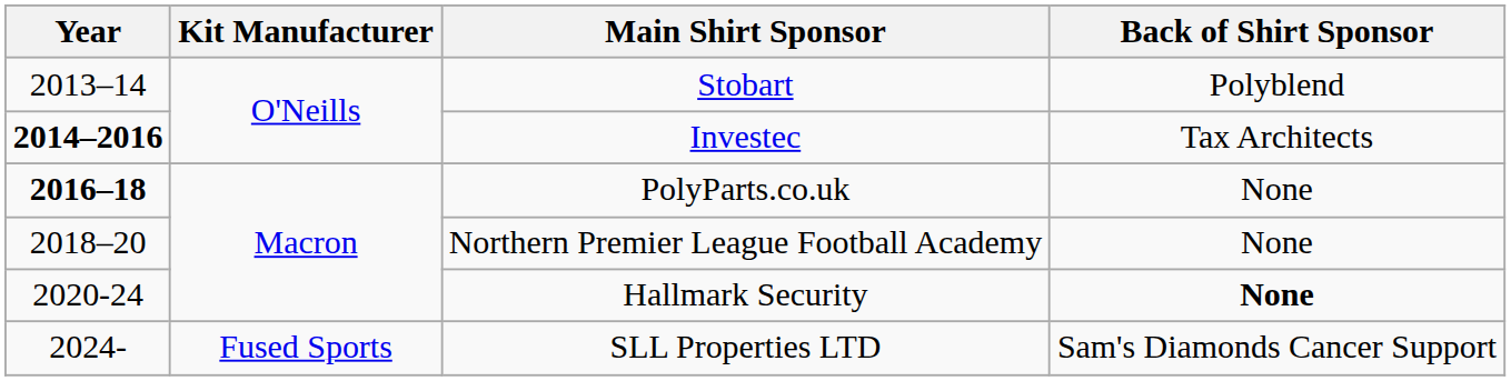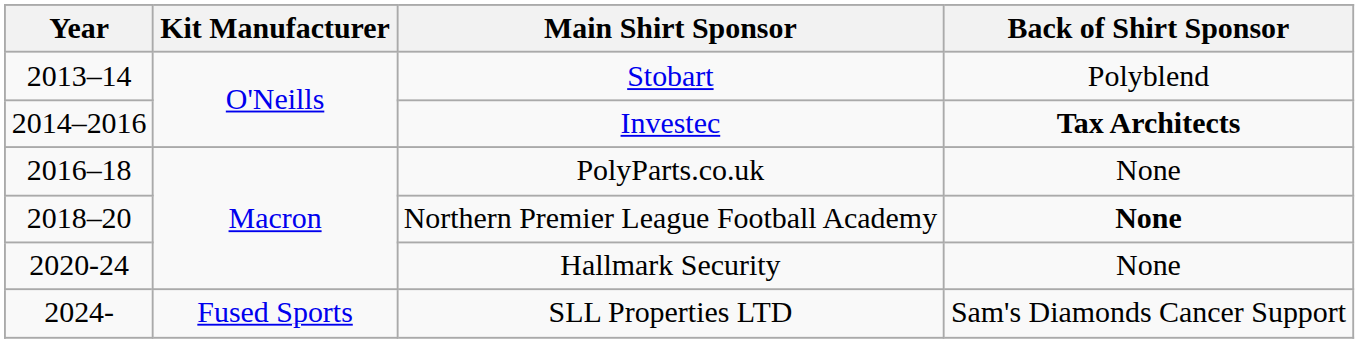 <table class="wikitable" style="text-align: center">
 <tr>
 <th>Year</th>
 <th>Kit Manufacturer</th>
 <th>Main Shirt Sponsor</th>
 <th>Back of Shirt Sponsor</th>
 </tr>
 <tr>
 <td>2013–14</td>
 <td rowspan=2><a href='#'>O'Neills</a></td>
 <td><a href='#'>Stobart</a></td>
 <td>Polyblend</td>
 </tr>
 <tr>
-<td><strong>2014–2016</strong></td>
+<td>2014–2016</td>
 <td><a href='#'>Investec</a></td>
-<td>Tax Architects</td>
+<td><strong>Tax Architects</strong></td>
 </tr>
 <tr>
-<td><strong>2016–18</strong></td>
+<td>2016–18</td>
 <td rowspan=3><a href='#'>Macron</a></td>
 <td>PolyParts.co.uk</td>
 <td>None</td>
 </tr>
 <tr>
 <td>2018–20</td>
 <td>Northern Premier League Football Academy</td>
-<td>None</td>
+<td><strong>None</strong></td>
 </tr>
 <tr>
 <td>2020-24</td>
 <td>Hallmark Security</td>
-<td><strong>None</strong></td>
+<td>None</td>
 </tr>
 <tr>
 <td>2024-</td>
 <td rowspan=4><a href='#'>Fused Sports</a></td>
 <td>SLL Properties LTD</td>
 <td>Sam's Diamonds Cancer Support</td>
 </tr>
 </table>
